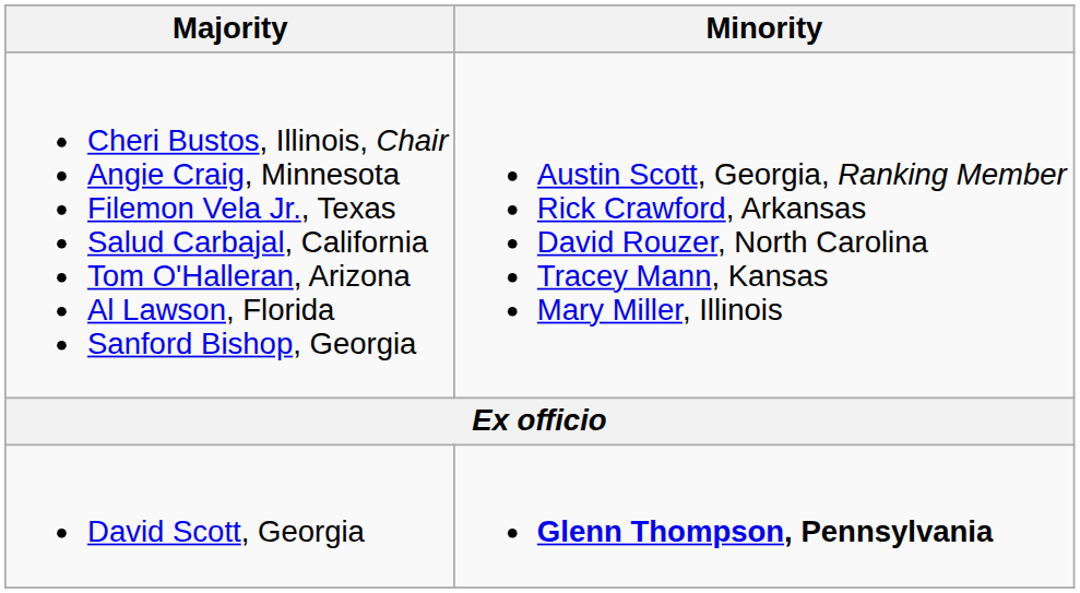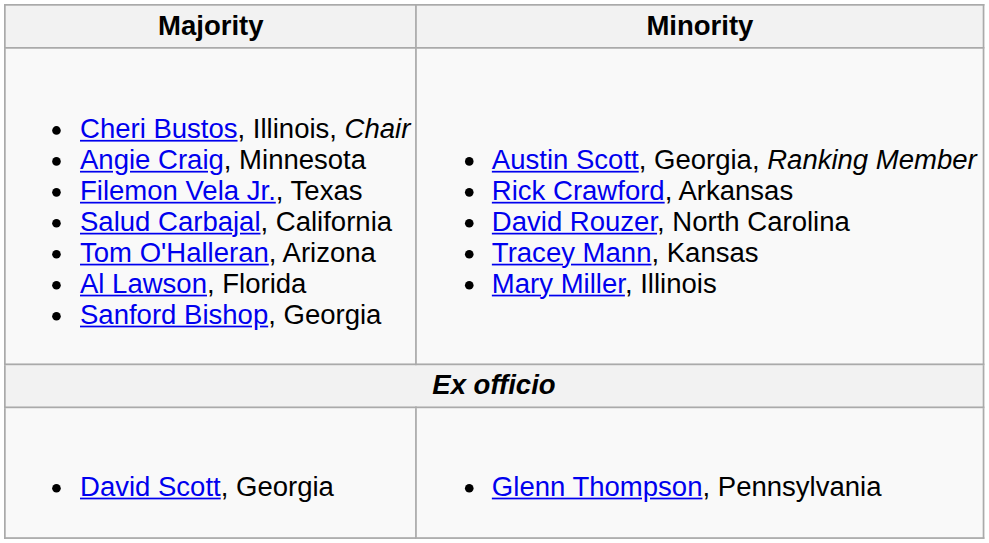 <table class=wikitable>
 <tr>
 <th>Majority</th>
 <th>Minority</th>
 </tr>
 <tr>
 <td><br><ul><li><a href='#'>Cheri Bustos</a>, Illinois, <em>Chair</em></li><li><a href='#'>Angie Craig</a>, Minnesota</li><li><a href='#'>Filemon Vela Jr.</a>, Texas</li><li><a href='#'>Salud Carbajal</a>, California</li><li><a href='#'>Tom O'Halleran</a>, Arizona</li><li><a href='#'>Al Lawson</a>, Florida</li><li><a href='#'>Sanford Bishop</a>, Georgia</li></ul></td>
 <td><br><ul><li><a href='#'>Austin Scott</a>, Georgia, <em>Ranking Member</em></li><li><a href='#'>Rick Crawford</a>, Arkansas</li><li><a href='#'>David Rouzer</a>, North Carolina</li><li><a href='#'>Tracey Mann</a>, Kansas</li><li><a href='#'>Mary Miller</a>, Illinois</li></ul></td>
 </tr>
 <tr>
 <th colspan=2><em>Ex officio</em></th>
 </tr>
 <tr>
 <td><br><ul><li><a href='#'>David Scott</a>, Georgia</li></ul></td>
-<td><strong><br><ul><li><a href='#'>Glenn Thompson</a>, Pennsylvania</li></ul></strong></td>
+<td><br><ul><li><a href='#'>Glenn Thompson</a>, Pennsylvania</li></ul></td>
 </tr>
 </table>
